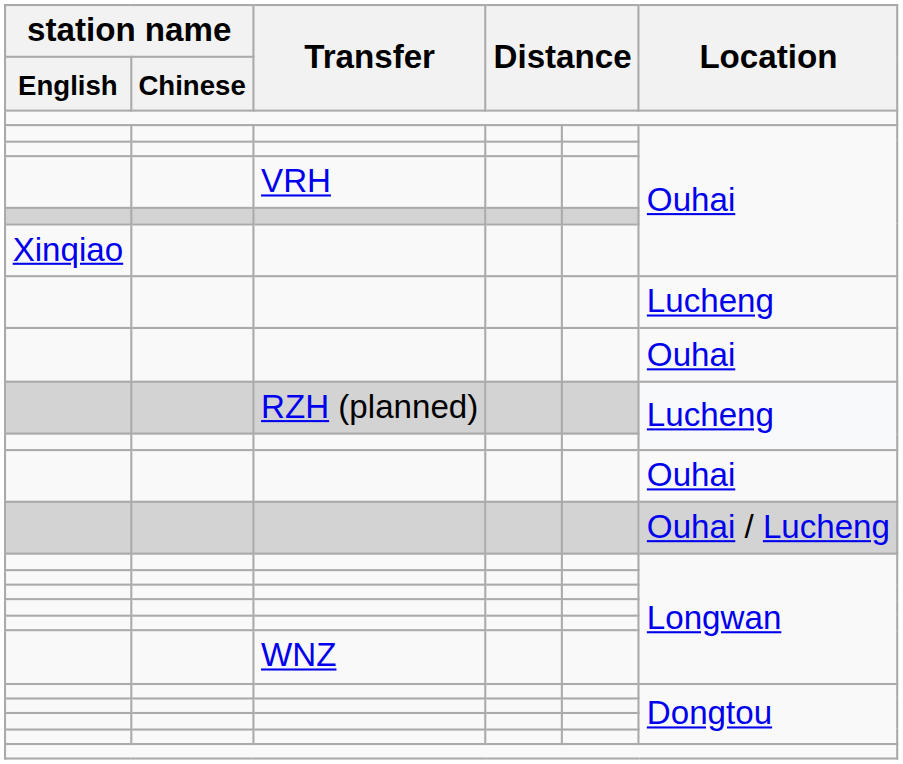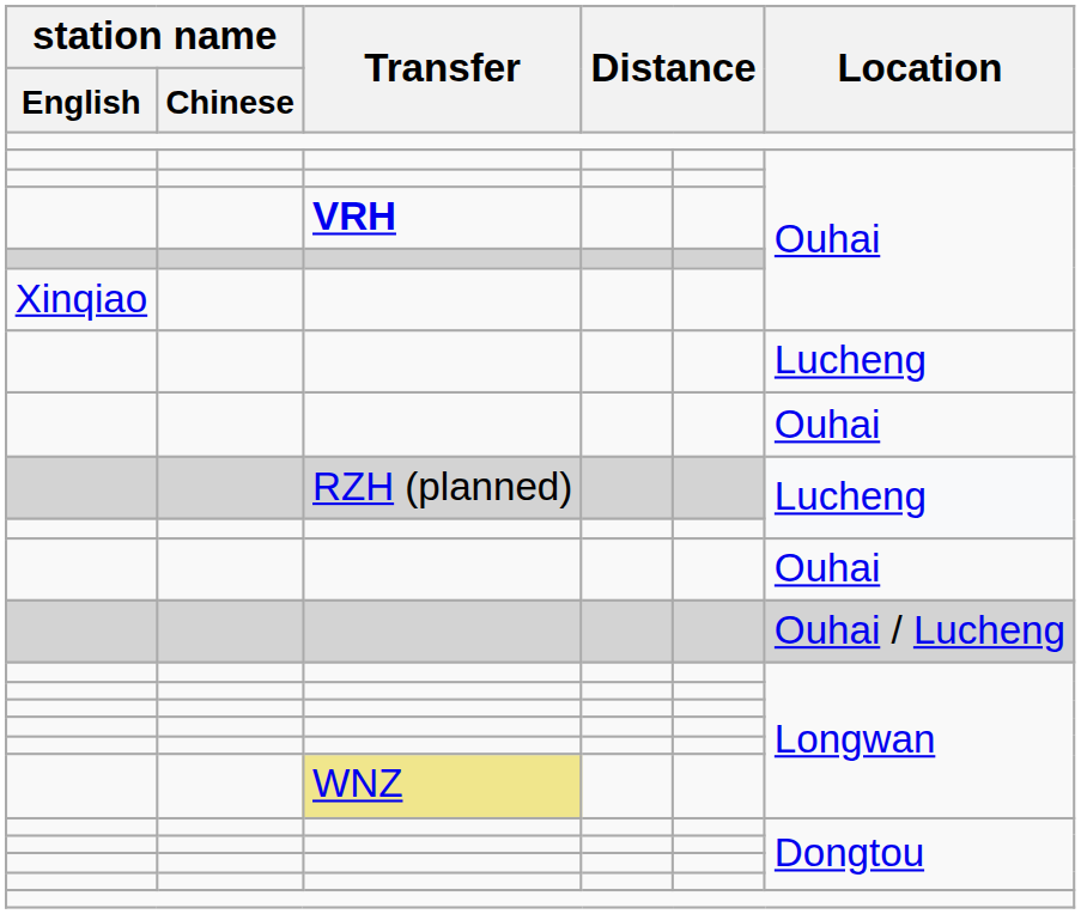 <table class="wikitable">
 <tr>
 <th colspan=2>station name</th>
 <th rowspan=2>Transfer</th>
 <th colspan="2" rowspan="2">Distance<br></th>
 <th rowspan=2>Location</th>
 </tr>
 <tr>
 <th><small>English</small></th>
 <th><small>Chinese</small></th>
 </tr>
 <tr style="background:#">
 <td colspan = "7"></td>
 </tr>
 <tr>
 <td></td>
 <td></td>
 <td></td>
 <td></td>
 <td></td>
 <td rowspan="5"><a href='#'>Ouhai</a></td>
 </tr>
 <tr>
 <td></td>
 <td></td>
 <td></td>
 <td></td>
 <td></td>
 </tr>
 <tr>
 <td></td>
 <td></td>
-<td> <a href='#'>VRH</a>  </td>
+<td><strong> <a href='#'>VRH</a>  </strong></td>
 <td></td>
 <td></td>
 </tr>
 <tr bgcolor="lightgrey">
 <td> </td>
 <td></td>
 <td></td>
 <td></td>
 <td></td>
 </tr>
 <tr>
 <td><a href='#'>Xinqiao</a></td>
 <td></td>
 <td></td>
 <td></td>
 <td></td>
 </tr>
 <tr>
 <td></td>
 <td></td>
 <td></td>
 <td></td>
 <td></td>
 <td><a href='#'>Lucheng</a></td>
 </tr>
 <tr>
 <td></td>
 <td></td>
 <td></td>
 <td></td>
 <td></td>
 <td><a href='#'>Ouhai</a></td>
 </tr>
 <tr bgcolor="lightgrey">
 <td> </td>
 <td></td>
 <td> <a href='#'>RZH</a>  (planned) </td>
 <td></td>
 <td></td>
 <td bgcolor=#F8F9FA rowspan="2"><a href='#'>Lucheng</a></td>
 </tr>
 <tr>
 <td></td>
 <td></td>
 <td></td>
 <td></td>
 <td></td>
 </tr>
 <tr>
 <td></td>
 <td></td>
 <td></td>
 <td></td>
 <td></td>
 <td><a href='#'>Ouhai</a></td>
 </tr>
 <tr bgcolor="lightgrey">
 <td> </td>
 <td></td>
 <td></td>
 <td></td>
 <td></td>
 <td><a href='#'>Ouhai</a> / <a href='#'>Lucheng</a></td>
 </tr>
 <tr>
 <td></td>
 <td></td>
 <td></td>
 <td></td>
 <td></td>
 <td rowspan="6"><a href='#'>Longwan</a></td>
 </tr>
 <tr>
 <td></td>
 <td></td>
 <td></td>
 <td></td>
 <td></td>
 </tr>
 <tr>
 <td></td>
 <td></td>
 <td></td>
 <td></td>
 <td></td>
 </tr>
 <tr>
 <td></td>
 <td></td>
 <td></td>
 <td></td>
 <td></td>
 </tr>
 <tr>
 <td></td>
 <td></td>
 <td></td>
 <td></td>
 <td></td>
 </tr>
 <tr>
 <td></td>
 <td></td>
-<td> <a href='#'>WNZ</a><br></td>
+<td style="background: khaki;"> <a href='#'>WNZ</a><br></td>
 <td></td>
 <td></td>
 </tr>
 <tr>
 <td></td>
 <td></td>
 <td></td>
 <td></td>
 <td></td>
 <td rowspan="4"><a href='#'>Dongtou</a></td>
 </tr>
 <tr>
 <td></td>
 <td></td>
 <td></td>
 <td></td>
 <td></td>
 </tr>
 <tr>
 <td></td>
 <td></td>
 <td></td>
 <td></td>
 <td></td>
 </tr>
 <tr>
 <td></td>
 <td></td>
 <td></td>
 <td></td>
 <td></td>
 </tr>
 <tr style="background:#">
 <td colspan = "7"></td>
 </tr>
 </table>
